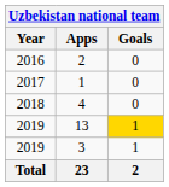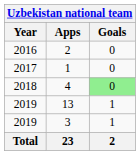 <table class="wikitable" style="text-align:center">
 <tr>
 <th colspan=3><a href='#'>Uzbekistan national team</a></th>
 </tr>
 <tr>
 <th>Year</th>
 <th>Apps</th>
 <th>Goals</th>
 </tr>
 <tr>
 <td>2016</td>
 <td>2</td>
 <td>0</td>
 </tr>
 <tr>
 <td>2017</td>
 <td>1</td>
 <td>0</td>
 </tr>
 <tr>
 <td>2018</td>
 <td>4</td>
-<td>0</td>
+<td style="background: lightgreen;">0</td>
 </tr>
 <tr>
 <td>2019</td>
 <td>13</td>
-<td style="background: gold;">1</td>
+<td>1</td>
 </tr>
 <tr>
 <td>2019</td>
 <td>3</td>
 <td>1</td>
 </tr>
 <tr>
 <th>Total</th>
 <th>23</th>
 <th>2</th>
 </tr>
 </table>
